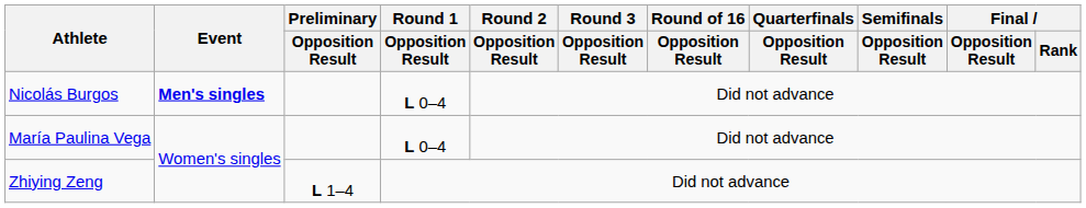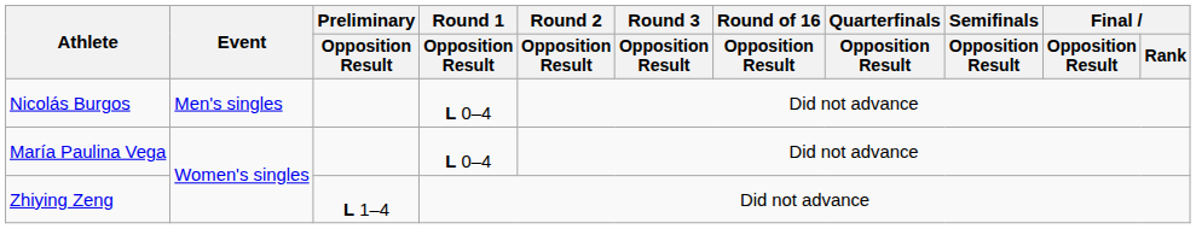 <table class=wikitable style=font-size:90%;text-align:center>
 <tr>
 <th rowspan=2>Athlete</th>
 <th rowspan=2>Event</th>
 <th>Preliminary</th>
 <th>Round 1</th>
 <th>Round 2</th>
 <th>Round 3</th>
 <th>Round of 16</th>
 <th>Quarterfinals</th>
 <th>Semifinals</th>
 <th colspan=2>Final / </th>
 </tr>
 <tr style=font-size:95%>
 <th>Opposition<br>Result</th>
 <th>Opposition<br>Result</th>
 <th>Opposition<br>Result</th>
 <th>Opposition<br>Result</th>
 <th>Opposition<br>Result</th>
 <th>Opposition<br>Result</th>
 <th>Opposition<br>Result</th>
 <th>Opposition<br>Result</th>
 <th>Rank</th>
 </tr>
 <tr>
 <td align=left><a href='#'>Nicolás Burgos</a></td>
-<td align=left><strong><a href='#'>Men's singles</a></strong></td>
+<td align=left><a href='#'>Men's singles</a></td>
 <td></td>
 <td><br><strong>L</strong> 0–4</td>
 <td colspan="7">Did not advance</td>
 </tr>
 <tr>
 <td align=left><a href='#'>María Paulina Vega</a></td>
 <td align=left rowspan=2><a href='#'>Women's singles</a></td>
 <td></td>
 <td><br><strong>L</strong> 0–4</td>
 <td colspan="7">Did not advance</td>
 </tr>
 <tr>
 <td align=left><a href='#'>Zhiying Zeng</a></td>
 <td><br><strong>L</strong> 1–4</td>
 <td colspan="8">Did not advance</td>
 </tr>
 </table>
